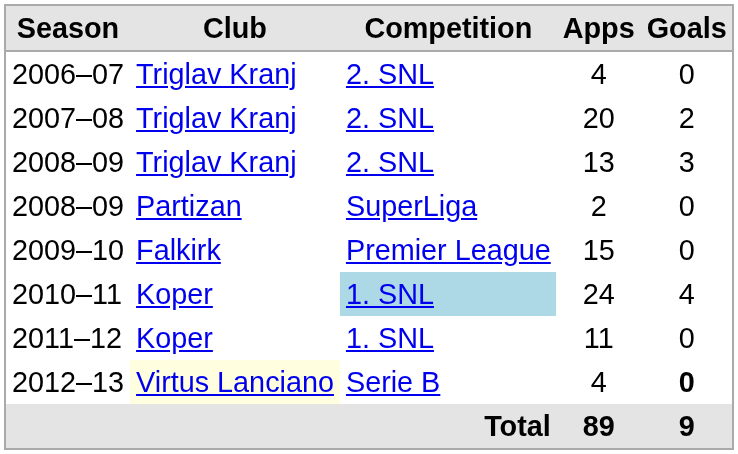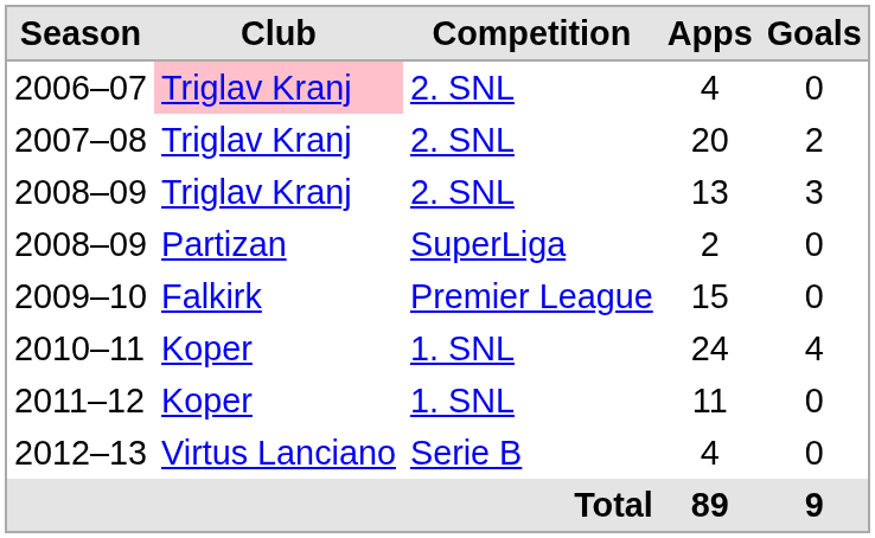 <table cellspacing="0" cellpadding="3" style="border:1px solid #AAAAAA;font-size:90%">
 <tr bgcolor="#E4E4E4">
 <th style="border-bottom:1px solid #AAAAAA">Season</th>
 <th style="border-bottom:1px solid #AAAAAA">Club</th>
 <th style="border-bottom:1px solid #AAAAAA">Competition</th>
 <th style="border-bottom:1px solid #AAAAAA" align="center">Apps</th>
 <th style="border-bottom:1px solid #AAAAAA" align="center">Goals</th>
 </tr>
 <tr>
 <td>2006–07</td>
-<td><a href='#'>Triglav Kranj</a></td>
+<td style="background: pink;"><a href='#'>Triglav Kranj</a></td>
 <td><a href='#'>2. SNL</a></td>
 <td align="center">4</td>
 <td align="center">0</td>
 </tr>
 <tr>
 <td>2007–08</td>
 <td><a href='#'>Triglav Kranj</a></td>
 <td><a href='#'>2. SNL</a></td>
 <td align="center">20</td>
 <td align="center">2</td>
 </tr>
 <tr>
 <td>2008–09</td>
 <td><a href='#'>Triglav Kranj</a></td>
 <td><a href='#'>2. SNL</a></td>
 <td align="center">13</td>
 <td align="center">3</td>
 </tr>
 <tr>
 <td>2008–09</td>
 <td><a href='#'>Partizan</a></td>
 <td><a href='#'>SuperLiga</a></td>
 <td align="center">2</td>
 <td align="center">0</td>
 </tr>
 <tr>
 <td>2009–10</td>
 <td><a href='#'>Falkirk</a></td>
 <td><a href='#'>Premier League</a></td>
 <td align="center">15</td>
 <td align="center">0</td>
 </tr>
 <tr>
 <td>2010–11</td>
 <td><a href='#'>Koper</a></td>
-<td style="background: lightblue;"><a href='#'>1. SNL</a></td>
+<td><a href='#'>1. SNL</a></td>
 <td align="center">24</td>
 <td align="center">4</td>
 </tr>
 <tr>
 <td>2011–12</td>
 <td><a href='#'>Koper</a></td>
 <td><a href='#'>1. SNL</a></td>
 <td align="center">11</td>
 <td align="center">0</td>
 </tr>
 <tr>
 <td>2012–13</td>
-<td style="background: lightyellow;"><a href='#'>Virtus Lanciano</a></td>
+<td><a href='#'>Virtus Lanciano</a></td>
 <td><a href='#'>Serie B</a></td>
 <td align="center">4</td>
-<td align="center"><strong>0</strong></td>
+<td align="center">0</td>
 </tr>
 <tr>
 </tr>
 <tr style="background:#E4E4E4;">
 <th ! colspan="3" align="right">Total</th>
 <th>89</th>
 <th>9</th>
 </tr>
 <tr>
 </tr>
 </table>
